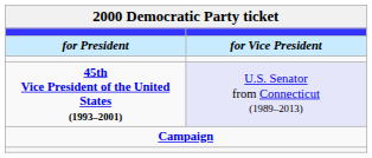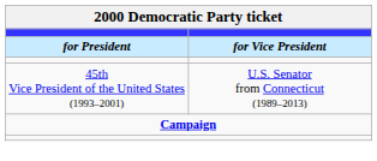 <table class="wikitable" style="font-size:90%; text-align:center">
 <tr>
 <td style="background:#f1f1f1;" colspan="30"><big><strong>2000 Democratic Party ticket</strong></big></td>
 </tr>
 <tr>
 <th style="width:3em; font-size:135%; background:#3333FF; width:200px;"><a href='#'></a></th>
 <th style="width:3em; font-size:135%; background:#3333FF; width:200px;"><a href='#'></a></th>
 </tr>
 <tr style="color:#000; font-size:100%; background:#c8ebff;">
 <td style="width:3em; width:200px;"><strong><em>for President</em></strong></td>
 <td style="width:3em; width:200px;"><strong><em>for Vice President</em></strong></td>
 </tr>
 <tr>
 <td></td>
 <td></td>
 </tr>
 <tr>
-<td><strong><a href='#'>45th</a><br><a href='#'>Vice President of the United States</a><br><small>(1993–2001)</small></strong></td>
-<td style="background: lavender;"><a href='#'>U.S. Senator</a><br>from <a href='#'>Connecticut</a><br><small>(1989–2013)</small></td>
+<td><a href='#'>45th</a><br><a href='#'>Vice President of the United States</a><br><small>(1993–2001)</small></td>
+<td><a href='#'>U.S. Senator</a><br>from <a href='#'>Connecticut</a><br><small>(1989–2013)</small></td>
 </tr>
 <tr>
 <td colspan=2><a href='#'><strong>Campaign</strong></a></td>
 </tr>
 <tr>
 <td colspan=2></td>
 </tr>
 </table>
